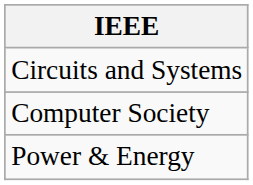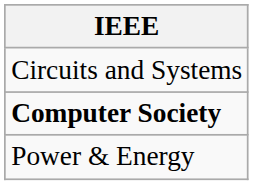 <table class="wikitable">
 <tr>
 <th>IEEE</th>
 </tr>
 <tr>
 <td>Circuits and Systems</td>
 </tr>
 <tr>
-<td>Computer Society</td>
+<td><strong>Computer Society</strong></td>
 </tr>
 <tr>
 <td>Power & Energy</td>
 </tr>
 </table>
